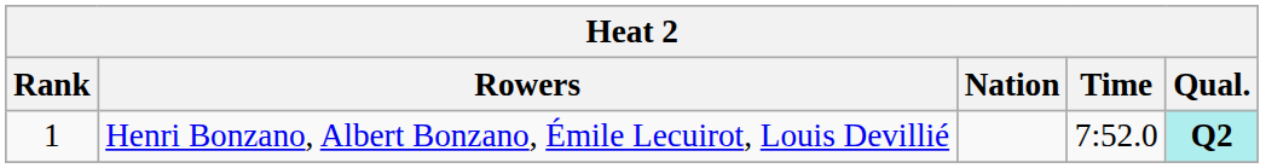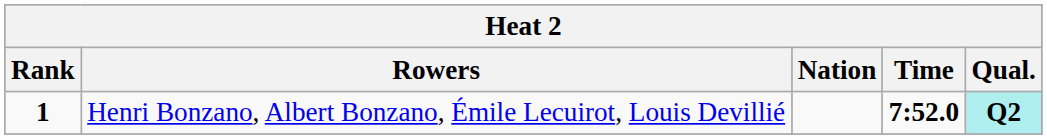 <table class="wikitable" style="text-align:center">
 <tr>
 <th colspan=5 align=center><strong>Heat 2</strong></th>
 </tr>
 <tr>
 <th>Rank</th>
 <th>Rowers</th>
 <th>Nation</th>
 <th>Time</th>
 <th>Qual.</th>
 </tr>
 <tr>
-<td>1</td>
+<td><strong>1</strong></td>
 <td align=left><a href='#'>Henri Bonzano</a>, <a href='#'>Albert Bonzano</a>, <a href='#'>Émile Lecuirot</a>, <a href='#'>Louis Devillié</a></td>
 <td align=left></td>
-<td>7:52.0</td>
+<td><strong>7:52.0</strong></td>
 <td style="background: paleturquoise;"><strong>Q2</strong></td>
 </tr>
 </table>
